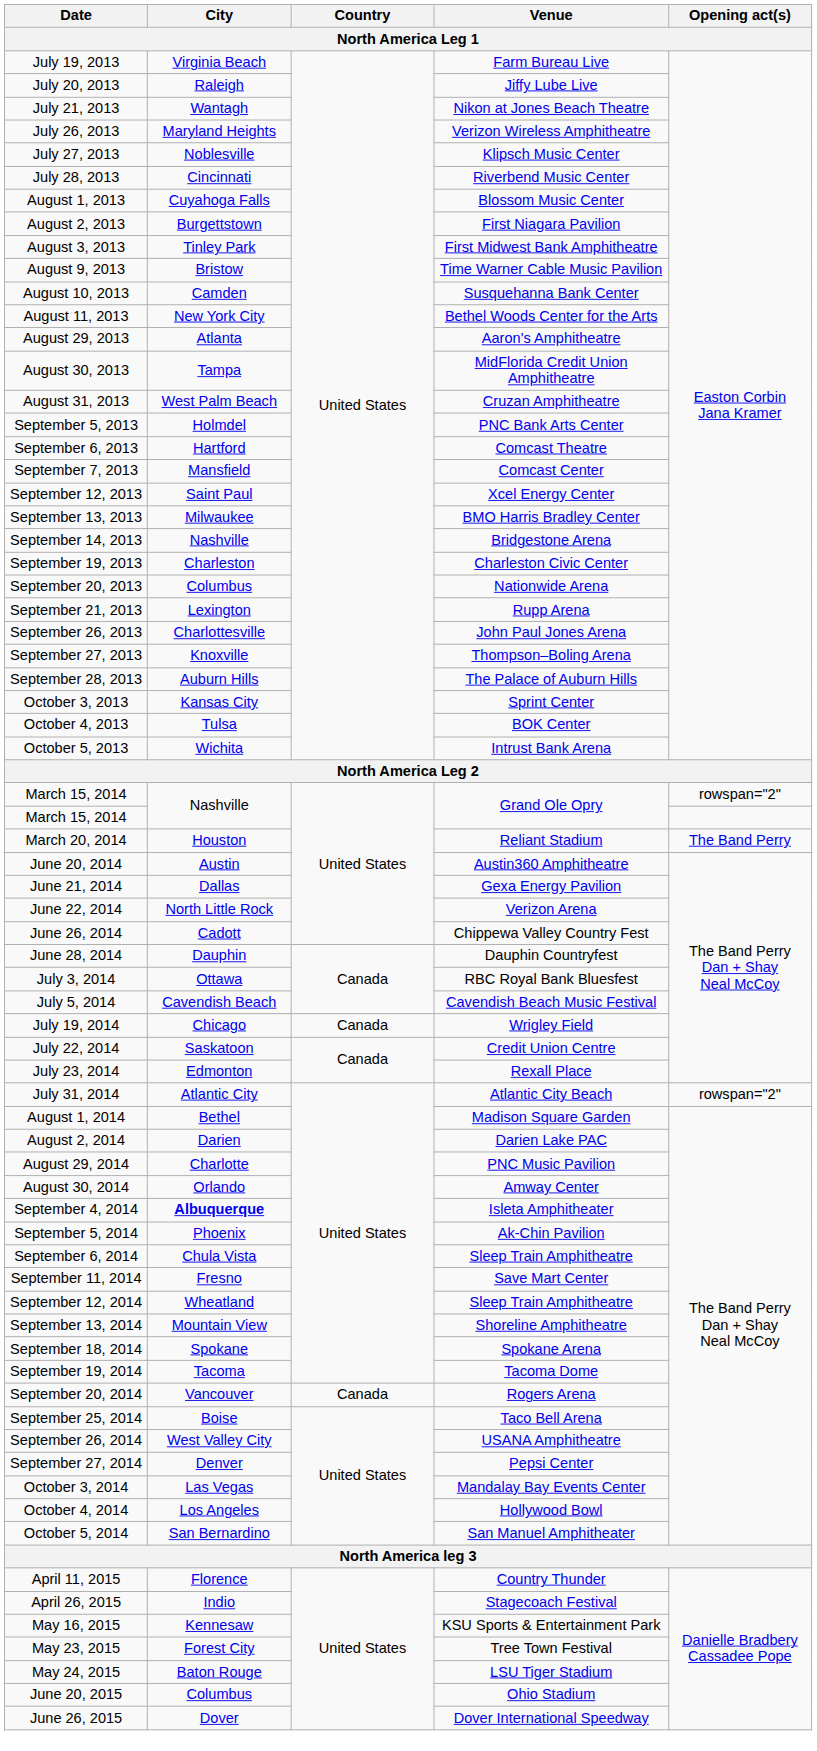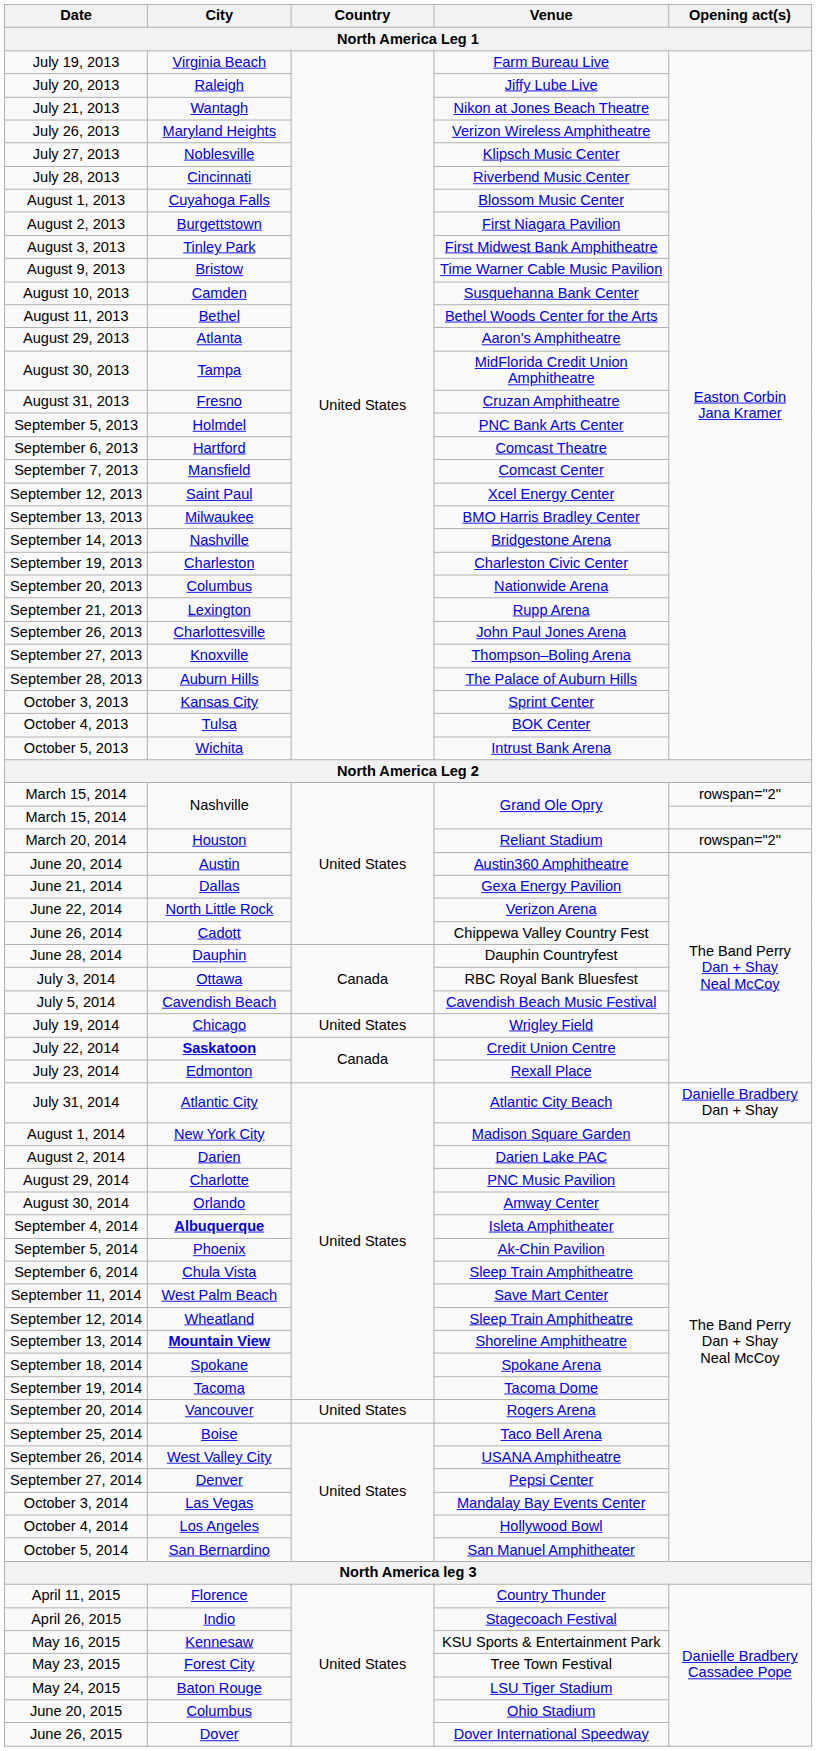 <table class="wikitable" style="text-align:center;">
 <tr>
 <th style="width:150px;">Date</th>
 <th style="width:150px;">City</th>
 <th style="width:150px;">Country</th>
 <th style="width:250px;">Venue</th>
 <th style="width:150px;">Opening act(s)</th>
 </tr>
 <tr>
 <th colspan="5">North America Leg 1</th>
 </tr>
 <tr>
 <td>July 19, 2013</td>
 <td><a href='#'>Virginia Beach</a></td>
 <td rowspan="30">United States</td>
 <td><a href='#'>Farm Bureau Live</a></td>
 <td rowspan="30"><a href='#'>Easton Corbin</a><br><a href='#'>Jana Kramer</a></td>
 </tr>
 <tr>
 <td>July 20, 2013</td>
 <td><a href='#'>Raleigh</a></td>
 <td><a href='#'>Jiffy Lube Live</a></td>
 </tr>
 <tr>
 <td>July 21, 2013</td>
 <td><a href='#'>Wantagh</a></td>
 <td><a href='#'>Nikon at Jones Beach Theatre</a></td>
 </tr>
 <tr>
 <td>July 26, 2013</td>
 <td><a href='#'>Maryland Heights</a></td>
 <td><a href='#'>Verizon Wireless Amphitheatre</a></td>
 </tr>
 <tr>
 <td>July 27, 2013</td>
 <td><a href='#'>Noblesville</a></td>
 <td><a href='#'>Klipsch Music Center</a></td>
 </tr>
 <tr>
 <td>July 28, 2013</td>
 <td><a href='#'>Cincinnati</a></td>
 <td><a href='#'>Riverbend Music Center</a></td>
 </tr>
 <tr>
 <td>August 1, 2013</td>
 <td><a href='#'>Cuyahoga Falls</a></td>
 <td><a href='#'>Blossom Music Center</a></td>
 </tr>
 <tr>
 <td>August 2, 2013</td>
 <td><a href='#'>Burgettstown</a></td>
 <td><a href='#'>First Niagara Pavilion</a></td>
 </tr>
 <tr>
 <td>August 3, 2013</td>
 <td><a href='#'>Tinley Park</a></td>
 <td><a href='#'>First Midwest Bank Amphitheatre</a></td>
 </tr>
 <tr>
 <td>August 9, 2013</td>
 <td><a href='#'>Bristow</a></td>
 <td><a href='#'>Time Warner Cable Music Pavilion</a></td>
 </tr>
 <tr>
 <td>August 10, 2013</td>
 <td><a href='#'>Camden</a></td>
 <td><a href='#'>Susquehanna Bank Center</a></td>
 </tr>
 <tr>
 <td>August 11, 2013</td>
-<td><a href='#'>New York City</a></td>
+<td><a href='#'>Bethel</a></td>
 <td><a href='#'>Bethel Woods Center for the Arts</a></td>
 </tr>
 <tr>
 <td>August 29, 2013</td>
 <td><a href='#'>Atlanta</a></td>
 <td><a href='#'>Aaron's Amphitheatre</a></td>
 </tr>
 <tr>
 <td>August 30, 2013</td>
 <td><a href='#'>Tampa</a></td>
 <td><a href='#'>MidFlorida Credit Union Amphitheatre</a></td>
 </tr>
 <tr>
 <td>August 31, 2013</td>
-<td><a href='#'>West Palm Beach</a></td>
+<td><a href='#'>Fresno</a></td>
 <td><a href='#'>Cruzan Amphitheatre</a></td>
 </tr>
 <tr>
 <td>September 5, 2013</td>
 <td><a href='#'>Holmdel</a></td>
 <td><a href='#'>PNC Bank Arts Center</a></td>
 </tr>
 <tr>
 <td>September 6, 2013</td>
 <td><a href='#'>Hartford</a></td>
 <td><a href='#'>Comcast Theatre</a></td>
 </tr>
 <tr>
 <td>September 7, 2013</td>
 <td><a href='#'>Mansfield</a></td>
 <td><a href='#'>Comcast Center</a></td>
 </tr>
 <tr>
 <td>September 12, 2013</td>
 <td><a href='#'>Saint Paul</a></td>
 <td><a href='#'>Xcel Energy Center</a></td>
 </tr>
 <tr>
 <td>September 13, 2013</td>
 <td><a href='#'>Milwaukee</a></td>
 <td><a href='#'>BMO Harris Bradley Center</a></td>
 </tr>
 <tr>
 <td>September 14, 2013</td>
 <td><a href='#'>Nashville</a></td>
 <td><a href='#'>Bridgestone Arena</a></td>
 </tr>
 <tr>
 <td>September 19, 2013</td>
 <td><a href='#'>Charleston</a></td>
 <td><a href='#'>Charleston Civic Center</a></td>
 </tr>
 <tr>
 <td>September 20, 2013</td>
 <td><a href='#'>Columbus</a></td>
 <td><a href='#'>Nationwide Arena</a></td>
 </tr>
 <tr>
 <td>September 21, 2013</td>
 <td><a href='#'>Lexington</a></td>
 <td><a href='#'>Rupp Arena</a></td>
 </tr>
 <tr>
 <td>September 26, 2013</td>
 <td><a href='#'>Charlottesville</a></td>
 <td><a href='#'>John Paul Jones Arena</a></td>
 </tr>
 <tr>
 <td>September 27, 2013</td>
 <td><a href='#'>Knoxville</a></td>
 <td><a href='#'>Thompson–Boling Arena</a></td>
 </tr>
 <tr>
 <td>September 28, 2013</td>
 <td><a href='#'>Auburn Hills</a></td>
 <td><a href='#'>The Palace of Auburn Hills</a></td>
 </tr>
 <tr>
 <td>October 3, 2013</td>
 <td><a href='#'>Kansas City</a></td>
 <td><a href='#'>Sprint Center</a></td>
 </tr>
 <tr>
 <td>October 4, 2013</td>
 <td><a href='#'>Tulsa</a></td>
 <td><a href='#'>BOK Center</a></td>
 </tr>
 <tr>
 <td>October 5, 2013</td>
 <td><a href='#'>Wichita</a></td>
 <td><a href='#'>Intrust Bank Arena</a></td>
 </tr>
 <tr>
 <th colspan="5">North America Leg 2</th>
 </tr>
 <tr>
 <td>March 15, 2014</td>
 <td rowspan="2">Nashville</td>
 <td rowspan="7">United States</td>
 <td rowspan="2"><a href='#'>Grand Ole Opry</a></td>
 <td>rowspan="2" </td>
 </tr>
 <tr>
 <td>March 15, 2014</td>
 </tr>
 <tr>
 <td>March 20, 2014</td>
 <td><a href='#'>Houston</a></td>
 <td><a href='#'>Reliant Stadium</a></td>
-<td><a href='#'>The Band Perry</a></td>
+<td>rowspan="2" </td>
 </tr>
 <tr>
 <td>June 20, 2014</td>
 <td><a href='#'>Austin</a></td>
 <td><a href='#'>Austin360 Amphitheatre</a></td>
 <td rowspan="10">The Band Perry<br><a href='#'>Dan + Shay</a><br><a href='#'>Neal McCoy</a></td>
 </tr>
 <tr>
 <td>June 21, 2014</td>
 <td><a href='#'>Dallas</a></td>
 <td><a href='#'>Gexa Energy Pavilion</a></td>
 </tr>
 <tr>
 <td>June 22, 2014</td>
 <td><a href='#'>North Little Rock</a></td>
 <td><a href='#'>Verizon Arena</a></td>
 </tr>
 <tr>
 <td>June 26, 2014</td>
 <td><a href='#'>Cadott</a></td>
 <td>Chippewa Valley Country Fest</td>
 </tr>
 <tr>
 <td>June 28, 2014</td>
 <td><a href='#'>Dauphin</a></td>
 <td rowspan="3">Canada</td>
 <td>Dauphin Countryfest</td>
 </tr>
 <tr>
 <td>July 3, 2014</td>
 <td><a href='#'>Ottawa</a></td>
 <td>RBC Royal Bank Bluesfest</td>
 </tr>
 <tr>
 <td>July 5, 2014</td>
 <td><a href='#'>Cavendish Beach</a></td>
 <td><a href='#'>Cavendish Beach Music Festival</a></td>
 </tr>
 <tr>
 <td>July 19, 2014</td>
 <td><a href='#'>Chicago</a></td>
-<td>Canada</td>
+<td>United States</td>
 <td><a href='#'>Wrigley Field</a></td>
 </tr>
 <tr>
 <td>July 22, 2014</td>
-<td><a href='#'>Saskatoon</a></td>
+<td><strong><a href='#'>Saskatoon</a></strong></td>
 <td rowspan="2">Canada</td>
 <td><a href='#'>Credit Union Centre</a></td>
 </tr>
 <tr>
 <td>July 23, 2014</td>
 <td><a href='#'>Edmonton</a></td>
 <td><a href='#'>Rexall Place</a></td>
 </tr>
 <tr>
 <td>July 31, 2014</td>
 <td><a href='#'>Atlantic City</a></td>
 <td rowspan="13">United States</td>
 <td><a href='#'>Atlantic City Beach</a></td>
-<td>rowspan="2" </td>
+<td><a href='#'>Danielle Bradbery</a><br>Dan + Shay</td>
 </tr>
 <tr>
 <td>August 1, 2014</td>
-<td><a href='#'>Bethel</a></td>
+<td><a href='#'>New York City</a></td>
 <td><a href='#'>Madison Square Garden</a></td>
 <td rowspan="19">The Band Perry<br>Dan + Shay<br>Neal McCoy</td>
 </tr>
 <tr>
 <td>August 2, 2014</td>
 <td><a href='#'>Darien</a></td>
 <td><a href='#'>Darien Lake PAC</a></td>
 </tr>
 <tr>
 <td>August 29, 2014</td>
 <td><a href='#'>Charlotte</a></td>
 <td><a href='#'>PNC Music Pavilion</a></td>
 </tr>
 <tr>
 <td>August 30, 2014</td>
 <td><a href='#'>Orlando</a></td>
 <td><a href='#'>Amway Center</a></td>
 </tr>
 <tr>
 <td>September 4, 2014</td>
 <td><strong><a href='#'>Albuquerque</a></strong></td>
 <td><a href='#'>Isleta Amphitheater</a></td>
 </tr>
 <tr>
 <td>September 5, 2014</td>
 <td><a href='#'>Phoenix</a></td>
 <td><a href='#'>Ak-Chin Pavilion</a></td>
 </tr>
 <tr>
 <td>September 6, 2014</td>
 <td><a href='#'>Chula Vista</a></td>
 <td><a href='#'>Sleep Train Amphitheatre</a></td>
 </tr>
 <tr>
 <td>September 11, 2014</td>
-<td><a href='#'>Fresno</a></td>
+<td><a href='#'>West Palm Beach</a></td>
 <td><a href='#'>Save Mart Center</a></td>
 </tr>
 <tr>
 <td>September 12, 2014</td>
 <td><a href='#'>Wheatland</a></td>
 <td><a href='#'>Sleep Train Amphitheatre</a></td>
 </tr>
 <tr>
 <td>September 13, 2014</td>
-<td><a href='#'>Mountain View</a></td>
+<td><strong><a href='#'>Mountain View</a></strong></td>
 <td><a href='#'>Shoreline Amphitheatre</a></td>
 </tr>
 <tr>
 <td>September 18, 2014</td>
 <td><a href='#'>Spokane</a></td>
 <td><a href='#'>Spokane Arena</a></td>
 </tr>
 <tr>
 <td>September 19, 2014</td>
 <td><a href='#'>Tacoma</a></td>
 <td><a href='#'>Tacoma Dome</a></td>
 </tr>
 <tr>
 <td>September 20, 2014</td>
 <td><a href='#'>Vancouver</a></td>
-<td>Canada</td>
+<td>United States</td>
 <td><a href='#'>Rogers Arena</a></td>
 </tr>
 <tr>
 <td>September 25, 2014</td>
 <td><a href='#'>Boise</a></td>
 <td rowspan="6">United States</td>
 <td><a href='#'>Taco Bell Arena</a></td>
 </tr>
 <tr>
 <td>September 26, 2014</td>
 <td><a href='#'>West Valley City</a></td>
 <td><a href='#'>USANA Amphitheatre</a></td>
 </tr>
 <tr>
 <td>September 27, 2014</td>
 <td><a href='#'>Denver</a></td>
 <td><a href='#'>Pepsi Center</a></td>
 </tr>
 <tr>
 <td>October 3, 2014</td>
 <td><a href='#'>Las Vegas</a></td>
 <td><a href='#'>Mandalay Bay Events Center</a></td>
 </tr>
 <tr>
 <td>October 4, 2014</td>
 <td><a href='#'>Los Angeles</a></td>
 <td><a href='#'>Hollywood Bowl</a></td>
 </tr>
 <tr>
 <td>October 5, 2014</td>
 <td><a href='#'>San Bernardino</a></td>
 <td><a href='#'>San Manuel Amphitheater</a></td>
 </tr>
 <tr>
 <th colspan="5">North America leg 3</th>
 </tr>
 <tr>
 <td>April 11, 2015</td>
 <td><a href='#'>Florence</a></td>
 <td rowspan="7">United States</td>
 <td><a href='#'>Country Thunder</a></td>
 <td rowspan="7"><a href='#'>Danielle Bradbery</a><br><a href='#'>Cassadee Pope</a></td>
 </tr>
 <tr>
 <td>April 26, 2015</td>
 <td><a href='#'>Indio</a></td>
 <td><a href='#'>Stagecoach Festival</a></td>
 </tr>
 <tr>
 <td>May 16, 2015</td>
 <td><a href='#'>Kennesaw</a></td>
 <td>KSU Sports & Entertainment Park</td>
 </tr>
 <tr>
 <td>May 23, 2015</td>
 <td><a href='#'>Forest City</a></td>
 <td>Tree Town Festival</td>
 </tr>
 <tr>
 <td>May 24, 2015</td>
 <td><a href='#'>Baton Rouge</a></td>
 <td><a href='#'>LSU Tiger Stadium</a></td>
 </tr>
 <tr>
 <td>June 20, 2015 </td>
 <td><a href='#'>Columbus</a></td>
 <td><a href='#'>Ohio Stadium</a></td>
 </tr>
 <tr>
 <td>June 26, 2015 </td>
 <td><a href='#'>Dover</a></td>
 <td><a href='#'>Dover International Speedway</a></td>
 </tr>
 </table>
